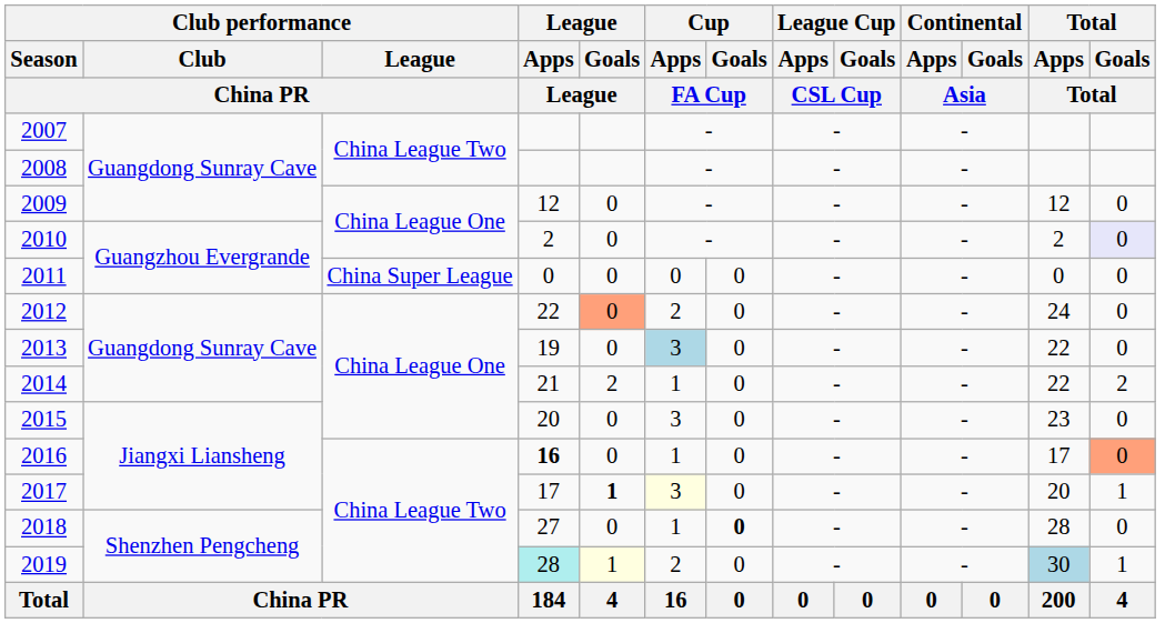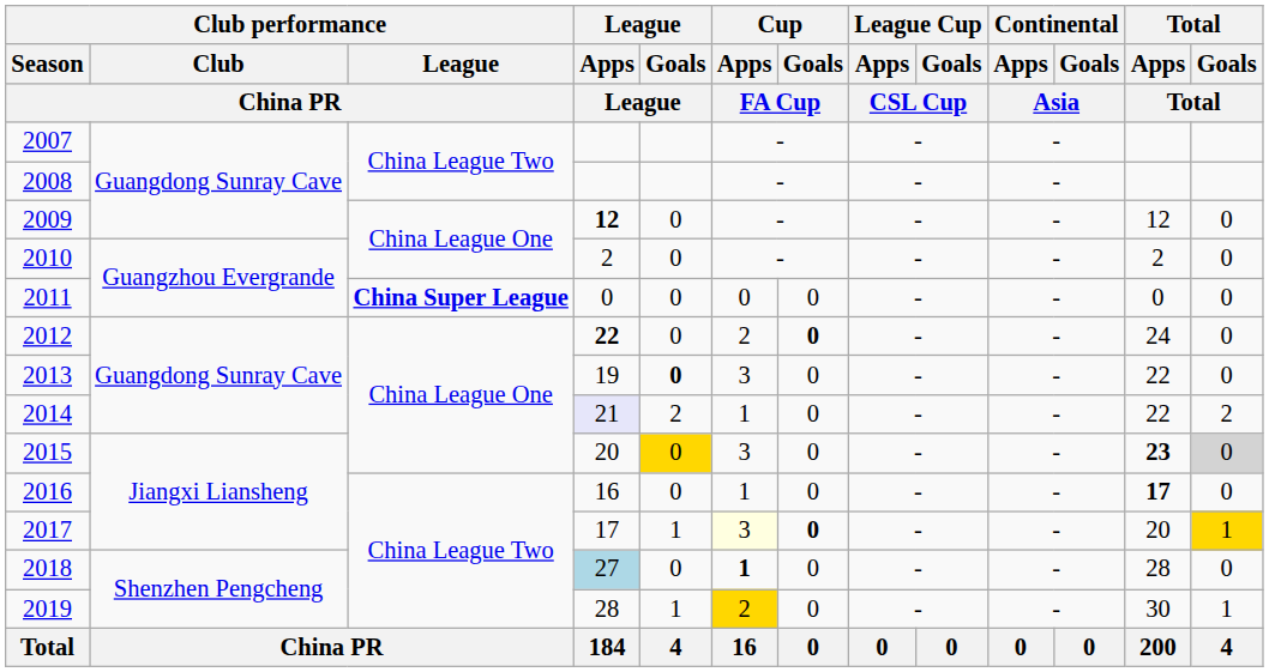 <table class="wikitable" style="text-align:center">
 <tr>
 <th colspan=3>Club performance</th>
 <th colspan=2>League</th>
 <th colspan=2>Cup</th>
 <th colspan=2>League Cup</th>
 <th colspan=2>Continental</th>
 <th colspan=2>Total</th>
 </tr>
 <tr>
 <th>Season</th>
 <th>Club</th>
 <th>League</th>
 <th>Apps</th>
 <th>Goals</th>
 <th>Apps</th>
 <th>Goals</th>
 <th>Apps</th>
 <th>Goals</th>
 <th>Apps</th>
 <th>Goals</th>
 <th>Apps</th>
 <th>Goals</th>
 </tr>
 <tr>
 <th colspan=3>China PR</th>
 <th colspan=2>League</th>
 <th colspan=2><a href='#'>FA Cup</a></th>
 <th colspan=2><a href='#'>CSL Cup</a></th>
 <th colspan=2><a href='#'>Asia</a></th>
 <th colspan=2>Total</th>
 </tr>
 <tr>
 <td><a href='#'>2007</a></td>
 <td rowspan="3"><a href='#'>Guangdong Sunray Cave</a></td>
 <td rowspan="2"><a href='#'>China League Two</a></td>
 <td></td>
 <td></td>
 <td colspan="2">-</td>
 <td colspan="2">-</td>
 <td colspan="2">-</td>
 <td></td>
 <td></td>
 </tr>
 <tr>
 <td><a href='#'>2008</a></td>
 <td></td>
 <td></td>
 <td colspan="2">-</td>
 <td colspan="2">-</td>
 <td colspan="2">-</td>
 <td></td>
 <td></td>
 </tr>
 <tr>
 <td><a href='#'>2009</a></td>
 <td rowspan="2"><a href='#'>China League One</a></td>
-<td>12</td>
+<td><strong>12</strong></td>
 <td>0</td>
 <td colspan="2">-</td>
 <td colspan="2">-</td>
 <td colspan="2">-</td>
 <td>12</td>
 <td>0</td>
 </tr>
 <tr>
 <td><a href='#'>2010</a></td>
 <td rowspan="2"><a href='#'>Guangzhou Evergrande</a></td>
 <td>2</td>
 <td>0</td>
 <td colspan="2">-</td>
 <td colspan="2">-</td>
 <td colspan="2">-</td>
 <td>2</td>
-<td style="background: lavender;">0</td>
+<td>0</td>
 </tr>
 <tr>
 <td><a href='#'>2011</a></td>
-<td><a href='#'>China Super League</a></td>
+<td><strong><a href='#'>China Super League</a></strong></td>
 <td>0</td>
 <td>0</td>
 <td>0</td>
 <td>0</td>
 <td colspan="2">-</td>
 <td colspan="2">-</td>
 <td>0</td>
 <td>0</td>
 </tr>
 <tr>
 <td><a href='#'>2012</a></td>
 <td rowspan="3"><a href='#'>Guangdong Sunray Cave</a></td>
 <td rowspan="4"><a href='#'>China League One</a></td>
-<td>22</td>
-<td style="background: lightsalmon;">0</td>
+<td><strong>22</strong></td>
+<td>0</td>
 <td>2</td>
-<td>0</td>
+<td><strong>0</strong></td>
 <td colspan="2">-</td>
 <td colspan="2">-</td>
 <td>24</td>
 <td>0</td>
 </tr>
 <tr>
 <td><a href='#'>2013</a></td>
 <td>19</td>
-<td>0</td>
-<td style="background: lightblue;">3</td>
+<td><strong>0</strong></td>
+<td>3</td>
 <td>0</td>
 <td colspan="2">-</td>
 <td colspan="2">-</td>
 <td>22</td>
 <td>0</td>
 </tr>
 <tr>
 <td><a href='#'>2014</a></td>
-<td>21</td>
+<td style="background: lavender;">21</td>
 <td>2</td>
 <td>1</td>
 <td>0</td>
 <td colspan="2">-</td>
 <td colspan="2">-</td>
 <td>22</td>
 <td>2</td>
 </tr>
 <tr>
 <td><a href='#'>2015</a></td>
 <td rowspan="3"><a href='#'>Jiangxi Liansheng</a></td>
 <td>20</td>
-<td>0</td>
+<td style="background: gold;">0</td>
 <td>3</td>
 <td>0</td>
 <td colspan="2">-</td>
 <td colspan="2">-</td>
-<td>23</td>
-<td>0</td>
+<td><strong>23</strong></td>
+<td style="background: lightgrey;">0</td>
 </tr>
 <tr>
 <td><a href='#'>2016</a></td>
 <td rowspan="4"><a href='#'>China League Two</a></td>
-<td><strong>16</strong></td>
+<td>16</td>
 <td>0</td>
 <td>1</td>
 <td>0</td>
 <td colspan="2">-</td>
 <td colspan="2">-</td>
-<td>17</td>
-<td style="background: lightsalmon;">0</td>
+<td><strong>17</strong></td>
+<td>0</td>
 </tr>
 <tr>
 <td><a href='#'>2017</a></td>
 <td>17</td>
-<td><strong>1</strong></td>
+<td>1</td>
 <td style="background: lightyellow;">3</td>
-<td>0</td>
+<td><strong>0</strong></td>
 <td colspan="2">-</td>
 <td colspan="2">-</td>
 <td>20</td>
-<td>1</td>
+<td style="background: gold;">1</td>
 </tr>
 <tr>
 <td><a href='#'>2018</a></td>
 <td rowspan="2"><a href='#'>Shenzhen Pengcheng</a></td>
-<td>27</td>
+<td style="background: lightblue;">27</td>
 <td>0</td>
-<td>1</td>
-<td><strong>0</strong></td>
+<td><strong>1</strong></td>
+<td>0</td>
 <td colspan="2">-</td>
 <td colspan="2">-</td>
 <td>28</td>
 <td>0</td>
 </tr>
 <tr>
 <td><a href='#'>2019</a></td>
-<td style="background: paleturquoise;">28</td>
-<td style="background: lightyellow;">1</td>
-<td>2</td>
+<td>28</td>
+<td>1</td>
+<td style="background: gold;">2</td>
 <td>0</td>
 <td colspan="2">-</td>
 <td colspan="2">-</td>
-<td style="background: lightblue;">30</td>
+<td>30</td>
 <td>1</td>
 </tr>
 <tr>
 <th rowspan=3>Total</th>
 <th colspan=2>China PR</th>
 <th>184</th>
 <th>4</th>
 <th>16</th>
 <th>0</th>
 <th>0</th>
 <th>0</th>
 <th>0</th>
 <th>0</th>
 <th>200</th>
 <th>4</th>
 </tr>
 </table>
